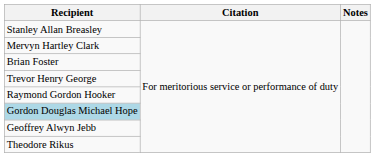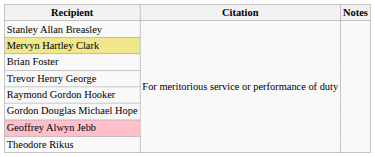 <table class=wikitable>
 <tr>
 <th>Recipient</th>
 <th>Citation</th>
 <th>Notes</th>
 </tr>
 <tr>
 <td> Stanley Allan Breasley</td>
 <td rowspan=8>For meritorious service or performance of duty</td>
 <td rowspan=8></td>
 </tr>
 <tr>
-<td> Mervyn Hartley Clark</td>
+<td style="background: khaki;"> Mervyn Hartley Clark</td>
 </tr>
 <tr>
 <td> Brian Foster</td>
 </tr>
 <tr>
 <td> Trevor Henry George</td>
 </tr>
 <tr>
 <td> Raymond Gordon Hooker</td>
 </tr>
 <tr>
-<td style="background: lightblue;"> Gordon Douglas Michael Hope</td>
+<td> Gordon Douglas Michael Hope</td>
 </tr>
 <tr>
-<td> Geoffrey Alwyn Jebb</td>
+<td style="background: pink;"> Geoffrey Alwyn Jebb</td>
 </tr>
 <tr>
 <td> Theodore Rikus</td>
 </tr>
 </table>
